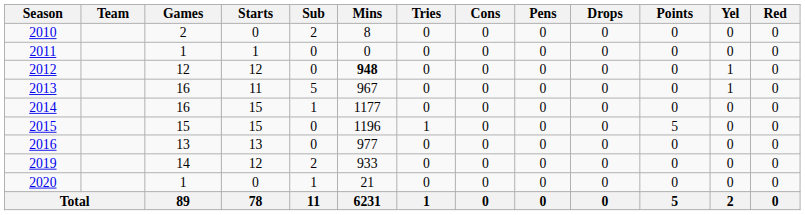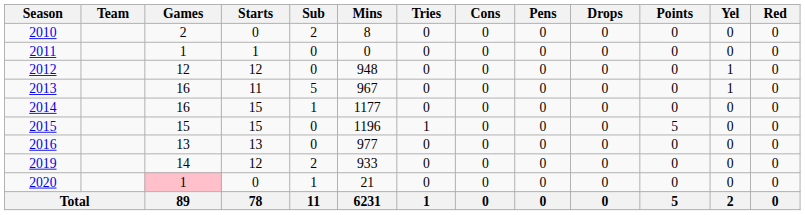 <table class="wikitable" style="text-align:center; line-height:90%; font-size:95%; width:70%;">
 <tr>
 <th>Season</th>
 <th>Team</th>
 <th>Games</th>
 <th>Starts</th>
 <th>Sub</th>
 <th>Mins</th>
 <th>Tries</th>
 <th>Cons</th>
 <th>Pens</th>
 <th>Drops</th>
 <th>Points</th>
 <th>Yel</th>
 <th>Red</th>
 </tr>
 <tr>
 <td><a href='#'>2010</a></td>
 <td></td>
 <td>2</td>
 <td>0</td>
 <td>2</td>
 <td>8</td>
 <td>0</td>
 <td>0</td>
 <td>0</td>
 <td>0</td>
 <td>0</td>
 <td>0</td>
 <td>0</td>
 </tr>
 <tr>
 <td><a href='#'>2011</a></td>
 <td></td>
 <td>1</td>
 <td>1</td>
 <td>0</td>
 <td>0</td>
 <td>0</td>
 <td>0</td>
 <td>0</td>
 <td>0</td>
 <td>0</td>
 <td>0</td>
 <td>0</td>
 </tr>
 <tr>
 <td><a href='#'>2012</a></td>
 <td></td>
 <td>12</td>
 <td>12</td>
 <td>0</td>
-<td><strong>948</strong></td>
+<td>948</td>
 <td>0</td>
 <td>0</td>
 <td>0</td>
 <td>0</td>
 <td>0</td>
 <td>1</td>
 <td>0</td>
 </tr>
 <tr>
 <td><a href='#'>2013</a></td>
 <td></td>
 <td>16</td>
 <td>11</td>
 <td>5</td>
 <td>967</td>
 <td>0</td>
 <td>0</td>
 <td>0</td>
 <td>0</td>
 <td>0</td>
 <td>1</td>
 <td>0</td>
 </tr>
 <tr>
 <td><a href='#'>2014</a></td>
 <td></td>
 <td>16</td>
 <td>15</td>
 <td>1</td>
 <td>1177</td>
 <td>0</td>
 <td>0</td>
 <td>0</td>
 <td>0</td>
 <td>0</td>
 <td>0</td>
 <td>0</td>
 </tr>
 <tr>
 <td><a href='#'>2015</a></td>
 <td></td>
 <td>15</td>
 <td>15</td>
 <td>0</td>
 <td>1196</td>
 <td>1</td>
 <td>0</td>
 <td>0</td>
 <td>0</td>
 <td>5</td>
 <td>0</td>
 <td>0</td>
 </tr>
 <tr>
 <td><a href='#'>2016</a></td>
 <td></td>
 <td>13</td>
 <td>13</td>
 <td>0</td>
 <td>977</td>
 <td>0</td>
 <td>0</td>
 <td>0</td>
 <td>0</td>
 <td>0</td>
 <td>0</td>
 <td>0</td>
 </tr>
 <tr>
 <td><a href='#'>2019</a></td>
 <td></td>
 <td>14</td>
 <td>12</td>
 <td>2</td>
 <td>933</td>
 <td>0</td>
 <td>0</td>
 <td>0</td>
 <td>0</td>
 <td>0</td>
 <td>0</td>
 <td>0</td>
 </tr>
 <tr>
 <td><a href='#'>2020</a></td>
 <td></td>
-<td>1</td>
+<td style="background: pink;">1</td>
 <td>0</td>
 <td>1</td>
 <td>21</td>
 <td>0</td>
 <td>0</td>
 <td>0</td>
 <td>0</td>
 <td>0</td>
 <td>0</td>
 <td>0</td>
 </tr>
 <tr>
 <th colspan="2">Total</th>
 <th>89</th>
 <th>78</th>
 <th>11</th>
 <th>6231</th>
 <th>1</th>
 <th>0</th>
 <th>0</th>
 <th>0</th>
 <th>5</th>
 <th>2</th>
 <th>0</th>
 </tr>
 </table>
